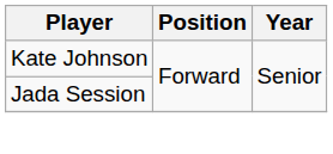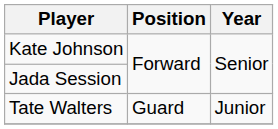 <table class="wikitable" border="1">
 <tr align=center>
 <th>Player</th>
 <th>Position</th>
 <th>Year</th>
 </tr>
 <tr>
 <td>Kate Johnson</td>
 <td rowspan=2>Forward</td>
 <td rowspan=2>Senior</td>
 </tr>
 <tr>
 <td>Jada Session</td>
 </tr>
 <tr>
+<td>Tate Walters</td>
+<td>Guard</td>
+<td>Junior</td>
+</tr>
+<tr>
 </tr>
 </table>
